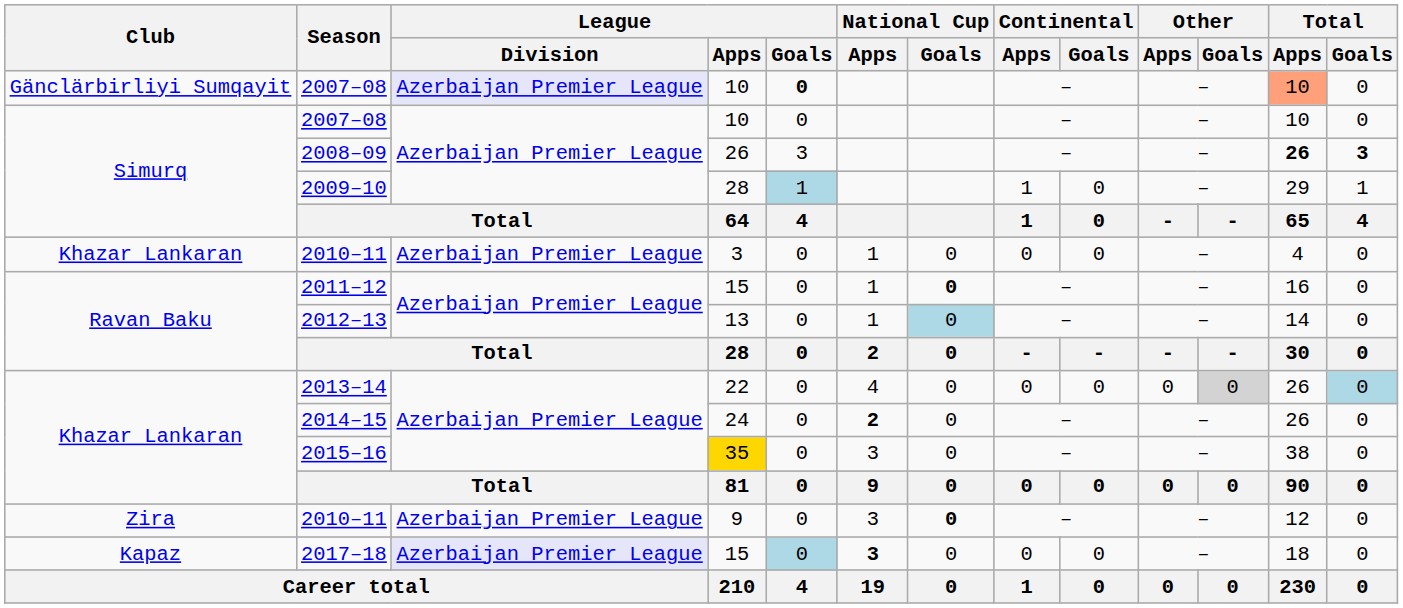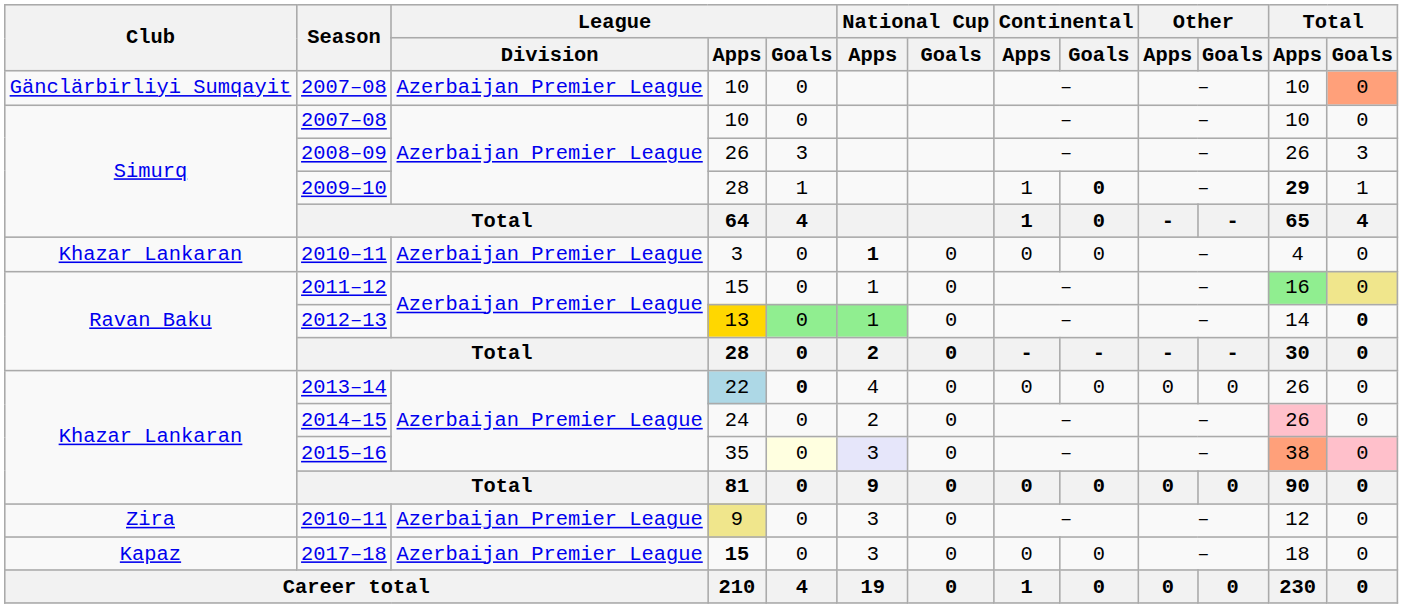 <table class="wikitable" style="text-align: center;">
 <tr>
 <th rowspan="2">Club</th>
 <th rowspan="2">Season</th>
 <th colspan="3">League</th>
 <th colspan="2">National Cup</th>
 <th colspan="2">Continental</th>
 <th colspan="2">Other</th>
 <th colspan="2">Total</th>
 </tr>
 <tr>
 <th>Division</th>
 <th>Apps</th>
 <th>Goals</th>
 <th>Apps</th>
 <th>Goals</th>
 <th>Apps</th>
 <th>Goals</th>
 <th>Apps</th>
 <th>Goals</th>
 <th>Apps</th>
 <th>Goals</th>
 </tr>
 <tr>
 <td valign="center"><a href='#'>Gänclärbirliyi Sumqayit</a></td>
 <td><a href='#'>2007–08</a></td>
-<td style="background: lavender;"><a href='#'>Azerbaijan Premier League</a></td>
+<td><a href='#'>Azerbaijan Premier League</a></td>
 <td>10</td>
-<td><strong>0</strong></td>
+<td>0</td>
 <td></td>
 <td></td>
 <td colspan="2">–</td>
 <td colspan="2">–</td>
-<td style="background: lightsalmon;">10</td>
-<td>0</td>
+<td>10</td>
+<td style="background: lightsalmon;">0</td>
 </tr>
 <tr>
 <td rowspan="4" valign="center"><a href='#'>Simurq</a></td>
 <td><a href='#'>2007–08</a></td>
 <td rowspan="3" valign="center"><a href='#'>Azerbaijan Premier League</a></td>
 <td>10</td>
 <td>0</td>
 <td></td>
 <td></td>
 <td colspan="2">–</td>
 <td colspan="2">–</td>
 <td>10</td>
 <td>0</td>
 </tr>
 <tr>
 <td><a href='#'>2008–09</a></td>
 <td>26</td>
 <td>3</td>
 <td></td>
 <td></td>
 <td colspan="2">–</td>
 <td colspan="2">–</td>
-<td><strong>26</strong></td>
-<td><strong>3</strong></td>
+<td>26</td>
+<td>3</td>
 </tr>
 <tr>
 <td><a href='#'>2009–10</a></td>
 <td>28</td>
-<td style="background: lightblue;">1</td>
+<td>1</td>
 <td></td>
 <td></td>
 <td>1</td>
-<td>0</td>
+<td><strong>0</strong></td>
 <td colspan="2">–</td>
-<td>29</td>
+<td><strong>29</strong></td>
 <td>1</td>
 </tr>
 <tr>
 <th colspan="2">Total</th>
 <th>64</th>
 <th>4</th>
 <th></th>
 <th></th>
 <th>1</th>
 <th>0</th>
 <th>-</th>
 <th>-</th>
 <th>65</th>
 <th>4</th>
 </tr>
 <tr>
 <td valign="center"><a href='#'>Khazar Lankaran</a></td>
 <td><a href='#'>2010–11</a></td>
 <td><a href='#'>Azerbaijan Premier League</a></td>
 <td>3</td>
 <td>0</td>
-<td>1</td>
+<td><strong>1</strong></td>
 <td>0</td>
 <td>0</td>
 <td>0</td>
 <td colspan="2">–</td>
 <td>4</td>
 <td>0</td>
 </tr>
 <tr>
 <td rowspan="3" valign="center"><a href='#'>Ravan Baku</a></td>
 <td><a href='#'>2011–12</a></td>
 <td rowspan="2" valign="center"><a href='#'>Azerbaijan Premier League</a></td>
 <td>15</td>
 <td>0</td>
 <td>1</td>
-<td><strong>0</strong></td>
+<td>0</td>
 <td colspan="2">–</td>
 <td colspan="2">–</td>
-<td>16</td>
-<td>0</td>
+<td style="background: lightgreen;">16</td>
+<td style="background: khaki;">0</td>
 </tr>
 <tr>
 <td><a href='#'>2012–13</a></td>
-<td>13</td>
+<td style="background: gold;">13</td>
+<td style="background: lightgreen;">0</td>
+<td style="background: lightgreen;">1</td>
 <td>0</td>
-<td>1</td>
-<td style="background: lightblue;">0</td>
 <td colspan="2">–</td>
 <td colspan="2">–</td>
 <td>14</td>
-<td>0</td>
+<td><strong>0</strong></td>
 </tr>
 <tr>
 <th colspan="2">Total</th>
 <th>28</th>
 <th>0</th>
 <th>2</th>
 <th>0</th>
 <th>-</th>
 <th>-</th>
 <th>-</th>
 <th>-</th>
 <th>30</th>
 <th>0</th>
 </tr>
 <tr>
 <td rowspan="4" valign="center"><a href='#'>Khazar Lankaran</a></td>
 <td><a href='#'>2013–14</a></td>
 <td rowspan="3" valign="center"><a href='#'>Azerbaijan Premier League</a></td>
-<td>22</td>
-<td>0</td>
+<td style="background: lightblue;">22</td>
+<td><strong>0</strong></td>
 <td>4</td>
 <td>0</td>
 <td>0</td>
 <td>0</td>
 <td>0</td>
-<td style="background: lightgrey;">0</td>
+<td>0</td>
 <td>26</td>
-<td style="background: lightblue;">0</td>
+<td>0</td>
 </tr>
 <tr>
 <td><a href='#'>2014–15</a></td>
 <td>24</td>
 <td>0</td>
-<td><strong>2</strong></td>
+<td>2</td>
 <td>0</td>
 <td colspan="2">–</td>
 <td colspan="2">–</td>
-<td>26</td>
+<td style="background: pink;">26</td>
 <td>0</td>
 </tr>
 <tr>
 <td><a href='#'>2015–16</a></td>
-<td style="background: gold;">35</td>
-<td>0</td>
-<td>3</td>
+<td>35</td>
+<td style="background: lightyellow;">0</td>
+<td style="background: lavender;">3</td>
 <td>0</td>
 <td colspan="2">–</td>
 <td colspan="2">–</td>
-<td>38</td>
-<td>0</td>
+<td style="background: lightsalmon;">38</td>
+<td style="background: pink;">0</td>
 </tr>
 <tr>
 <th colspan="2">Total</th>
 <th>81</th>
 <th>0</th>
 <th>9</th>
 <th>0</th>
 <th>0</th>
 <th>0</th>
 <th>0</th>
 <th>0</th>
 <th>90</th>
 <th>0</th>
 </tr>
 <tr>
 <td valign="center"><a href='#'>Zira</a></td>
 <td><a href='#'>2010–11</a></td>
 <td><a href='#'>Azerbaijan Premier League</a></td>
-<td>9</td>
+<td style="background: khaki;">9</td>
 <td>0</td>
 <td>3</td>
-<td><strong>0</strong></td>
+<td>0</td>
 <td colspan="2">–</td>
 <td colspan="2">–</td>
 <td>12</td>
 <td>0</td>
 </tr>
 <tr>
 <td valign="center"><a href='#'>Kapaz</a></td>
 <td><a href='#'>2017–18</a></td>
-<td style="background: lavender;"><a href='#'>Azerbaijan Premier League</a></td>
-<td>15</td>
-<td style="background: lightblue;">0</td>
-<td><strong>3</strong></td>
+<td><a href='#'>Azerbaijan Premier League</a></td>
+<td><strong>15</strong></td>
+<td>0</td>
+<td>3</td>
 <td>0</td>
 <td>0</td>
 <td>0</td>
 <td colspan="2">–</td>
 <td>18</td>
 <td>0</td>
 </tr>
 <tr>
 <th colspan="3">Career total</th>
 <th>210</th>
 <th>4</th>
 <th>19</th>
 <th>0</th>
 <th>1</th>
 <th>0</th>
 <th>0</th>
 <th>0</th>
 <th>230</th>
 <th>0</th>
 </tr>
 </table>
